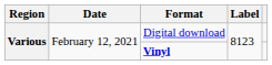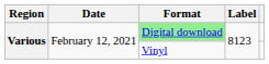 <table class="wikitable plainrowheaders">
 <tr>
 <th scope="col">Region</th>
 <th scope="col">Date</th>
 <th scope="col">Format</th>
 <th scope="col">Label</th>
 <th scope="col"></th>
 </tr>
 <tr>
 <th scope="row" rowspan="2">Various</th>
 <td rowspan="2">February 12, 2021</td>
-<td><a href='#'>Digital download</a></td>
+<td style="background: lightgreen;"><a href='#'>Digital download</a></td>
 <td rowspan="2">8123</td>
 <td align="center"></td>
 </tr>
 <tr>
-<td><strong><a href='#'>Vinyl</a></strong></td>
+<td><a href='#'>Vinyl</a></td>
 <td align="center"></td>
 </tr>
 </table>
